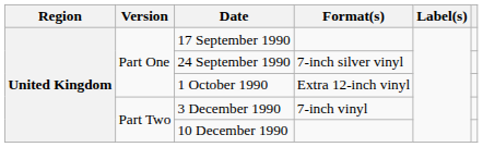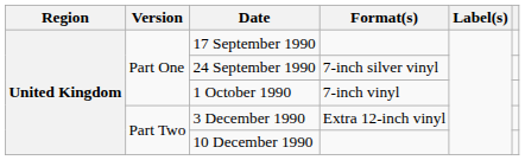 <table class="wikitable plainrowheaders">
 <tr>
 <th scope="col">Region</th>
 <th scope="col">Version</th>
 <th scope="col">Date</th>
 <th scope="col">Format(s)</th>
 <th scope="col">Label(s)</th>
 <th scope="col"></th>
 </tr>
 <tr>
 <th scope="row" rowspan="5">United Kingdom</th>
 <td rowspan="3">Part One</td>
 <td>17 September 1990</td>
 <td></td>
 <td rowspan="5"></td>
 <td></td>
 </tr>
 <tr>
 <td>24 September 1990</td>
 <td>7-inch silver vinyl</td>
 <td></td>
 </tr>
 <tr>
 <td>1 October 1990</td>
-<td>Extra 12-inch vinyl</td>
+<td>7-inch vinyl</td>
 <td></td>
 </tr>
 <tr>
 <td rowspan="2">Part Two</td>
 <td>3 December 1990</td>
-<td>7-inch vinyl</td>
+<td>Extra 12-inch vinyl</td>
 <td></td>
 </tr>
 <tr>
 <td>10 December 1990</td>
 <td></td>
 <td></td>
 </tr>
 </table>
